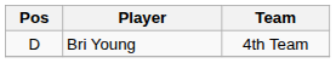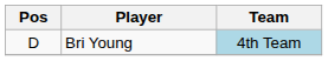 <table class="wikitable">
 <tr>
 <th scope="col" width="50">Pos</th>
 <th scope="col" width="150">Player</th>
 <th scope="col" width="100">Team</th>
 </tr>
 <tr>
 <td align="center">D</td>
 <td>Bri Young</td>
-<td align="center">4th Team</td>
+<td align="center" style="background: lightblue;">4th Team</td>
 </tr>
 <tr>
 </tr>
 </table>
